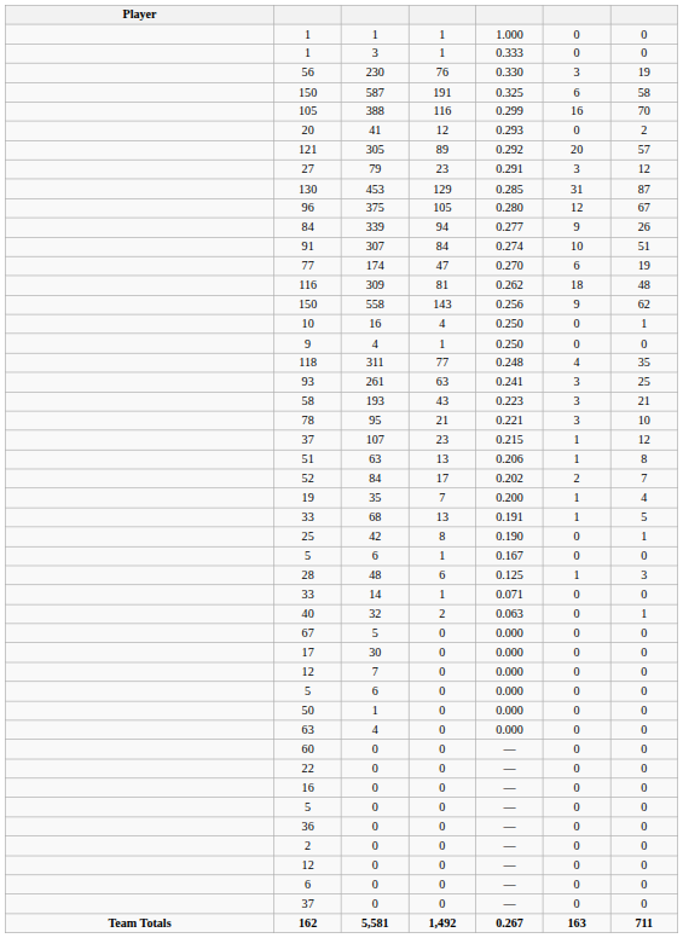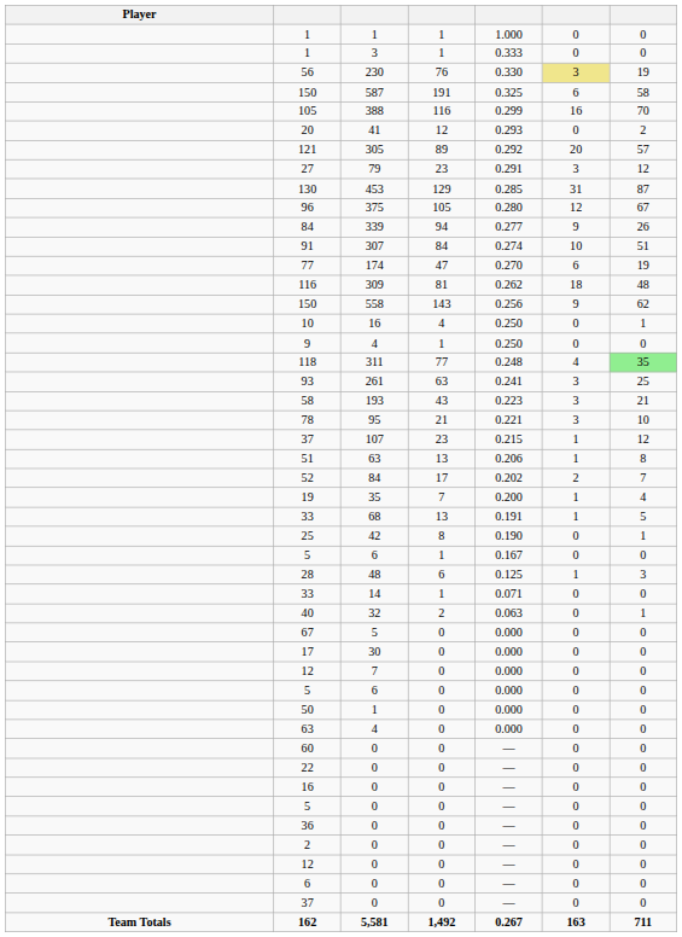 <table class="wikitable sortable" style="text-align:center;" width="100%">
 <tr>
 <th width="40%">Player</th>
 <th width="10%"></th>
 <th width="10%"></th>
 <th width="10%"></th>
 <th width="10%"></th>
 <th width="10%"></th>
 <th width="10%"></th>
 </tr>
 <tr>
 <td></td>
 <td>1</td>
 <td>1</td>
 <td>1</td>
 <td>1.000</td>
 <td>0</td>
 <td>0</td>
 </tr>
 <tr>
 <td></td>
 <td>1</td>
 <td>3</td>
 <td>1</td>
 <td>0.333</td>
 <td>0</td>
 <td>0</td>
 </tr>
 <tr>
 <td></td>
 <td>56</td>
 <td>230</td>
 <td>76</td>
 <td>0.330</td>
-<td>3</td>
+<td style="background: khaki;">3</td>
 <td>19</td>
 </tr>
 <tr>
 <td></td>
 <td>150</td>
 <td>587</td>
 <td>191</td>
 <td>0.325</td>
 <td>6</td>
 <td>58</td>
 </tr>
 <tr>
 <td></td>
 <td>105</td>
 <td>388</td>
 <td>116</td>
 <td>0.299</td>
 <td>16</td>
 <td>70</td>
 </tr>
 <tr>
 <td></td>
 <td>20</td>
 <td>41</td>
 <td>12</td>
 <td>0.293</td>
 <td>0</td>
 <td>2</td>
 </tr>
 <tr>
 <td></td>
 <td>121</td>
 <td>305</td>
 <td>89</td>
 <td>0.292</td>
 <td>20</td>
 <td>57</td>
 </tr>
 <tr>
 <td></td>
 <td>27</td>
 <td>79</td>
 <td>23</td>
 <td>0.291</td>
 <td>3</td>
 <td>12</td>
 </tr>
 <tr>
 <td></td>
 <td>130</td>
 <td>453</td>
 <td>129</td>
 <td>0.285</td>
 <td>31</td>
 <td>87</td>
 </tr>
 <tr>
 <td></td>
 <td>96</td>
 <td>375</td>
 <td>105</td>
 <td>0.280</td>
 <td>12</td>
 <td>67</td>
 </tr>
 <tr>
 <td></td>
 <td>84</td>
 <td>339</td>
 <td>94</td>
 <td>0.277</td>
 <td>9</td>
 <td>26</td>
 </tr>
 <tr>
 <td></td>
 <td>91</td>
 <td>307</td>
 <td>84</td>
 <td>0.274</td>
 <td>10</td>
 <td>51</td>
 </tr>
 <tr>
 <td></td>
 <td>77</td>
 <td>174</td>
 <td>47</td>
 <td>0.270</td>
 <td>6</td>
 <td>19</td>
 </tr>
 <tr>
 <td></td>
 <td>116</td>
 <td>309</td>
 <td>81</td>
 <td>0.262</td>
 <td>18</td>
 <td>48</td>
 </tr>
 <tr>
 <td></td>
 <td>150</td>
 <td>558</td>
 <td>143</td>
 <td>0.256</td>
 <td>9</td>
 <td>62</td>
 </tr>
 <tr>
 <td></td>
 <td>10</td>
 <td>16</td>
 <td>4</td>
 <td>0.250</td>
 <td>0</td>
 <td>1</td>
 </tr>
 <tr>
 <td></td>
 <td>9</td>
 <td>4</td>
 <td>1</td>
 <td>0.250</td>
 <td>0</td>
 <td>0</td>
 </tr>
 <tr>
 <td></td>
 <td>118</td>
 <td>311</td>
 <td>77</td>
 <td>0.248</td>
 <td>4</td>
-<td>35</td>
+<td style="background: lightgreen;">35</td>
 </tr>
 <tr>
 <td></td>
 <td>93</td>
 <td>261</td>
 <td>63</td>
 <td>0.241</td>
 <td>3</td>
 <td>25</td>
 </tr>
 <tr>
 <td></td>
 <td>58</td>
 <td>193</td>
 <td>43</td>
 <td>0.223</td>
 <td>3</td>
 <td>21</td>
 </tr>
 <tr>
 <td></td>
 <td>78</td>
 <td>95</td>
 <td>21</td>
 <td>0.221</td>
 <td>3</td>
 <td>10</td>
 </tr>
 <tr>
 <td></td>
 <td>37</td>
 <td>107</td>
 <td>23</td>
 <td>0.215</td>
 <td>1</td>
 <td>12</td>
 </tr>
 <tr>
 <td></td>
 <td>51</td>
 <td>63</td>
 <td>13</td>
 <td>0.206</td>
 <td>1</td>
 <td>8</td>
 </tr>
 <tr>
 <td></td>
 <td>52</td>
 <td>84</td>
 <td>17</td>
 <td>0.202</td>
 <td>2</td>
 <td>7</td>
 </tr>
 <tr>
 <td></td>
 <td>19</td>
 <td>35</td>
 <td>7</td>
 <td>0.200</td>
 <td>1</td>
 <td>4</td>
 </tr>
 <tr>
 <td></td>
 <td>33</td>
 <td>68</td>
 <td>13</td>
 <td>0.191</td>
 <td>1</td>
 <td>5</td>
 </tr>
 <tr>
 <td></td>
 <td>25</td>
 <td>42</td>
 <td>8</td>
 <td>0.190</td>
 <td>0</td>
 <td>1</td>
 </tr>
 <tr>
 <td></td>
 <td>5</td>
 <td>6</td>
 <td>1</td>
 <td>0.167</td>
 <td>0</td>
 <td>0</td>
 </tr>
 <tr>
 <td></td>
 <td>28</td>
 <td>48</td>
 <td>6</td>
 <td>0.125</td>
 <td>1</td>
 <td>3</td>
 </tr>
 <tr>
 <td></td>
 <td>33</td>
 <td>14</td>
 <td>1</td>
 <td>0.071</td>
 <td>0</td>
 <td>0</td>
 </tr>
 <tr>
 <td></td>
 <td>40</td>
 <td>32</td>
 <td>2</td>
 <td>0.063</td>
 <td>0</td>
 <td>1</td>
 </tr>
 <tr>
 <td></td>
 <td>67</td>
 <td>5</td>
 <td>0</td>
 <td>0.000</td>
 <td>0</td>
 <td>0</td>
 </tr>
 <tr>
 <td></td>
 <td>17</td>
 <td>30</td>
 <td>0</td>
 <td>0.000</td>
 <td>0</td>
 <td>0</td>
 </tr>
 <tr>
 <td></td>
 <td>12</td>
 <td>7</td>
 <td>0</td>
 <td>0.000</td>
 <td>0</td>
 <td>0</td>
 </tr>
 <tr>
 <td></td>
 <td>5</td>
 <td>6</td>
 <td>0</td>
 <td>0.000</td>
 <td>0</td>
 <td>0</td>
 </tr>
 <tr>
 <td></td>
 <td>50</td>
 <td>1</td>
 <td>0</td>
 <td>0.000</td>
 <td>0</td>
 <td>0</td>
 </tr>
 <tr>
 <td></td>
 <td>63</td>
 <td>4</td>
 <td>0</td>
 <td>0.000</td>
 <td>0</td>
 <td>0</td>
 </tr>
 <tr>
 <td></td>
 <td>60</td>
 <td>0</td>
 <td>0</td>
 <td>—</td>
 <td>0</td>
 <td>0</td>
 </tr>
 <tr>
 <td></td>
 <td>22</td>
 <td>0</td>
 <td>0</td>
 <td>—</td>
 <td>0</td>
 <td>0</td>
 </tr>
 <tr>
 <td></td>
 <td>16</td>
 <td>0</td>
 <td>0</td>
 <td>—</td>
 <td>0</td>
 <td>0</td>
 </tr>
 <tr>
 <td></td>
 <td>5</td>
 <td>0</td>
 <td>0</td>
 <td>—</td>
 <td>0</td>
 <td>0</td>
 </tr>
 <tr>
 <td></td>
 <td>36</td>
 <td>0</td>
 <td>0</td>
 <td>—</td>
 <td>0</td>
 <td>0</td>
 </tr>
 <tr>
 <td></td>
 <td>2</td>
 <td>0</td>
 <td>0</td>
 <td>—</td>
 <td>0</td>
 <td>0</td>
 </tr>
 <tr>
 <td></td>
 <td>12</td>
 <td>0</td>
 <td>0</td>
 <td>—</td>
 <td>0</td>
 <td>0</td>
 </tr>
 <tr>
 <td></td>
 <td>6</td>
 <td>0</td>
 <td>0</td>
 <td>—</td>
 <td>0</td>
 <td>0</td>
 </tr>
 <tr>
 <td></td>
 <td>37</td>
 <td>0</td>
 <td>0</td>
 <td>—</td>
 <td>0</td>
 <td>0</td>
 </tr>
 <tr>
 <td><strong>Team Totals</strong></td>
 <td><strong>162</strong></td>
 <td><strong>5,581</strong></td>
 <td><strong>1,492</strong></td>
 <td><strong>0.267</strong></td>
 <td><strong>163</strong></td>
 <td><strong>711</strong></td>
 </tr>
 </table>
